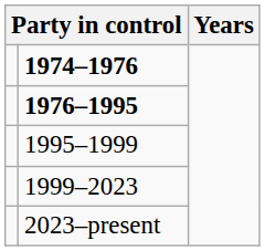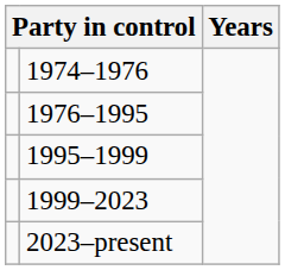 <table class="wikitable">
 <tr>
 <th colspan="2">Party in control</th>
 <th>Years</th>
 </tr>
 <tr>
 <td></td>
-<td><strong>1974–1976</strong></td>
+<td>1974–1976</td>
 </tr>
 <tr>
 <td></td>
-<td><strong>1976–1995</strong></td>
+<td>1976–1995</td>
 </tr>
 <tr>
 <td></td>
 <td>1995–1999</td>
 </tr>
 <tr>
 <td></td>
 <td>1999–2023</td>
 </tr>
 <tr>
 <td></td>
 <td>2023–present</td>
 </tr>
 </table>
